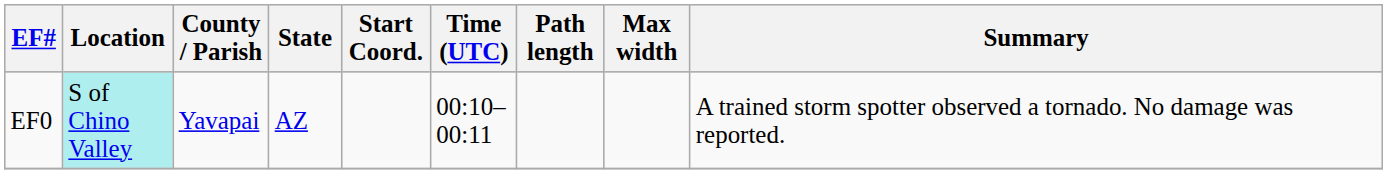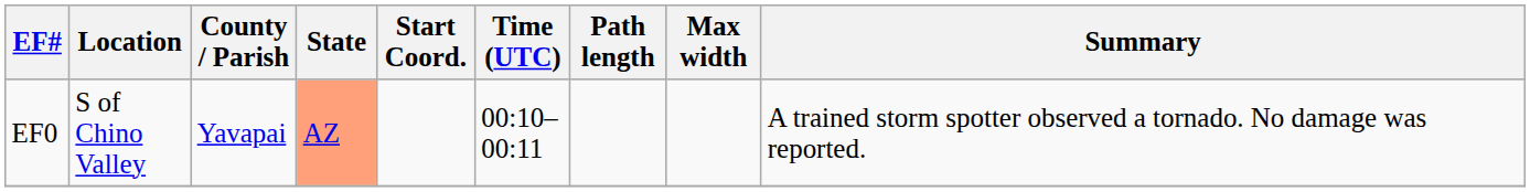 <table class="wikitable sortable" style="width:100%;">
 <tr>
 <th scope="col"  style="width:3%; text-align:center;"><a href='#'>EF#</a></th>
 <th scope="col"  style="width:7%; text-align:center;" class="unsortable">Location</th>
 <th scope="col"  style="width:6%; text-align:center;" class="unsortable">County / Parish</th>
 <th scope="col"  style="width:5%; text-align:center;">State</th>
 <th scope="col"  style="width:6%; text-align:center;">Start Coord.</th>
 <th scope="col"  style="width:6%; text-align:center;">Time (<a href='#'>UTC</a>)</th>
 <th scope="col"  style="width:6%; text-align:center;">Path length</th>
 <th scope="col"  style="width:6%; text-align:center;">Max width</th>
 <th scope="col" class="unsortable" style="width:48%; text-align:center;">Summary</th>
 </tr>
 <tr>
 <td>EF0</td>
-<td style="background: paleturquoise;">S of <a href='#'>Chino Valley</a></td>
+<td>S of <a href='#'>Chino Valley</a></td>
 <td><a href='#'>Yavapai</a></td>
-<td><a href='#'>AZ</a></td>
+<td style="background: lightsalmon;"><a href='#'>AZ</a></td>
 <td></td>
 <td>00:10–00:11</td>
 <td></td>
 <td></td>
 <td>A trained storm spotter observed a tornado. No damage was reported.</td>
 </tr>
 <tr>
 </tr>
 </table>
